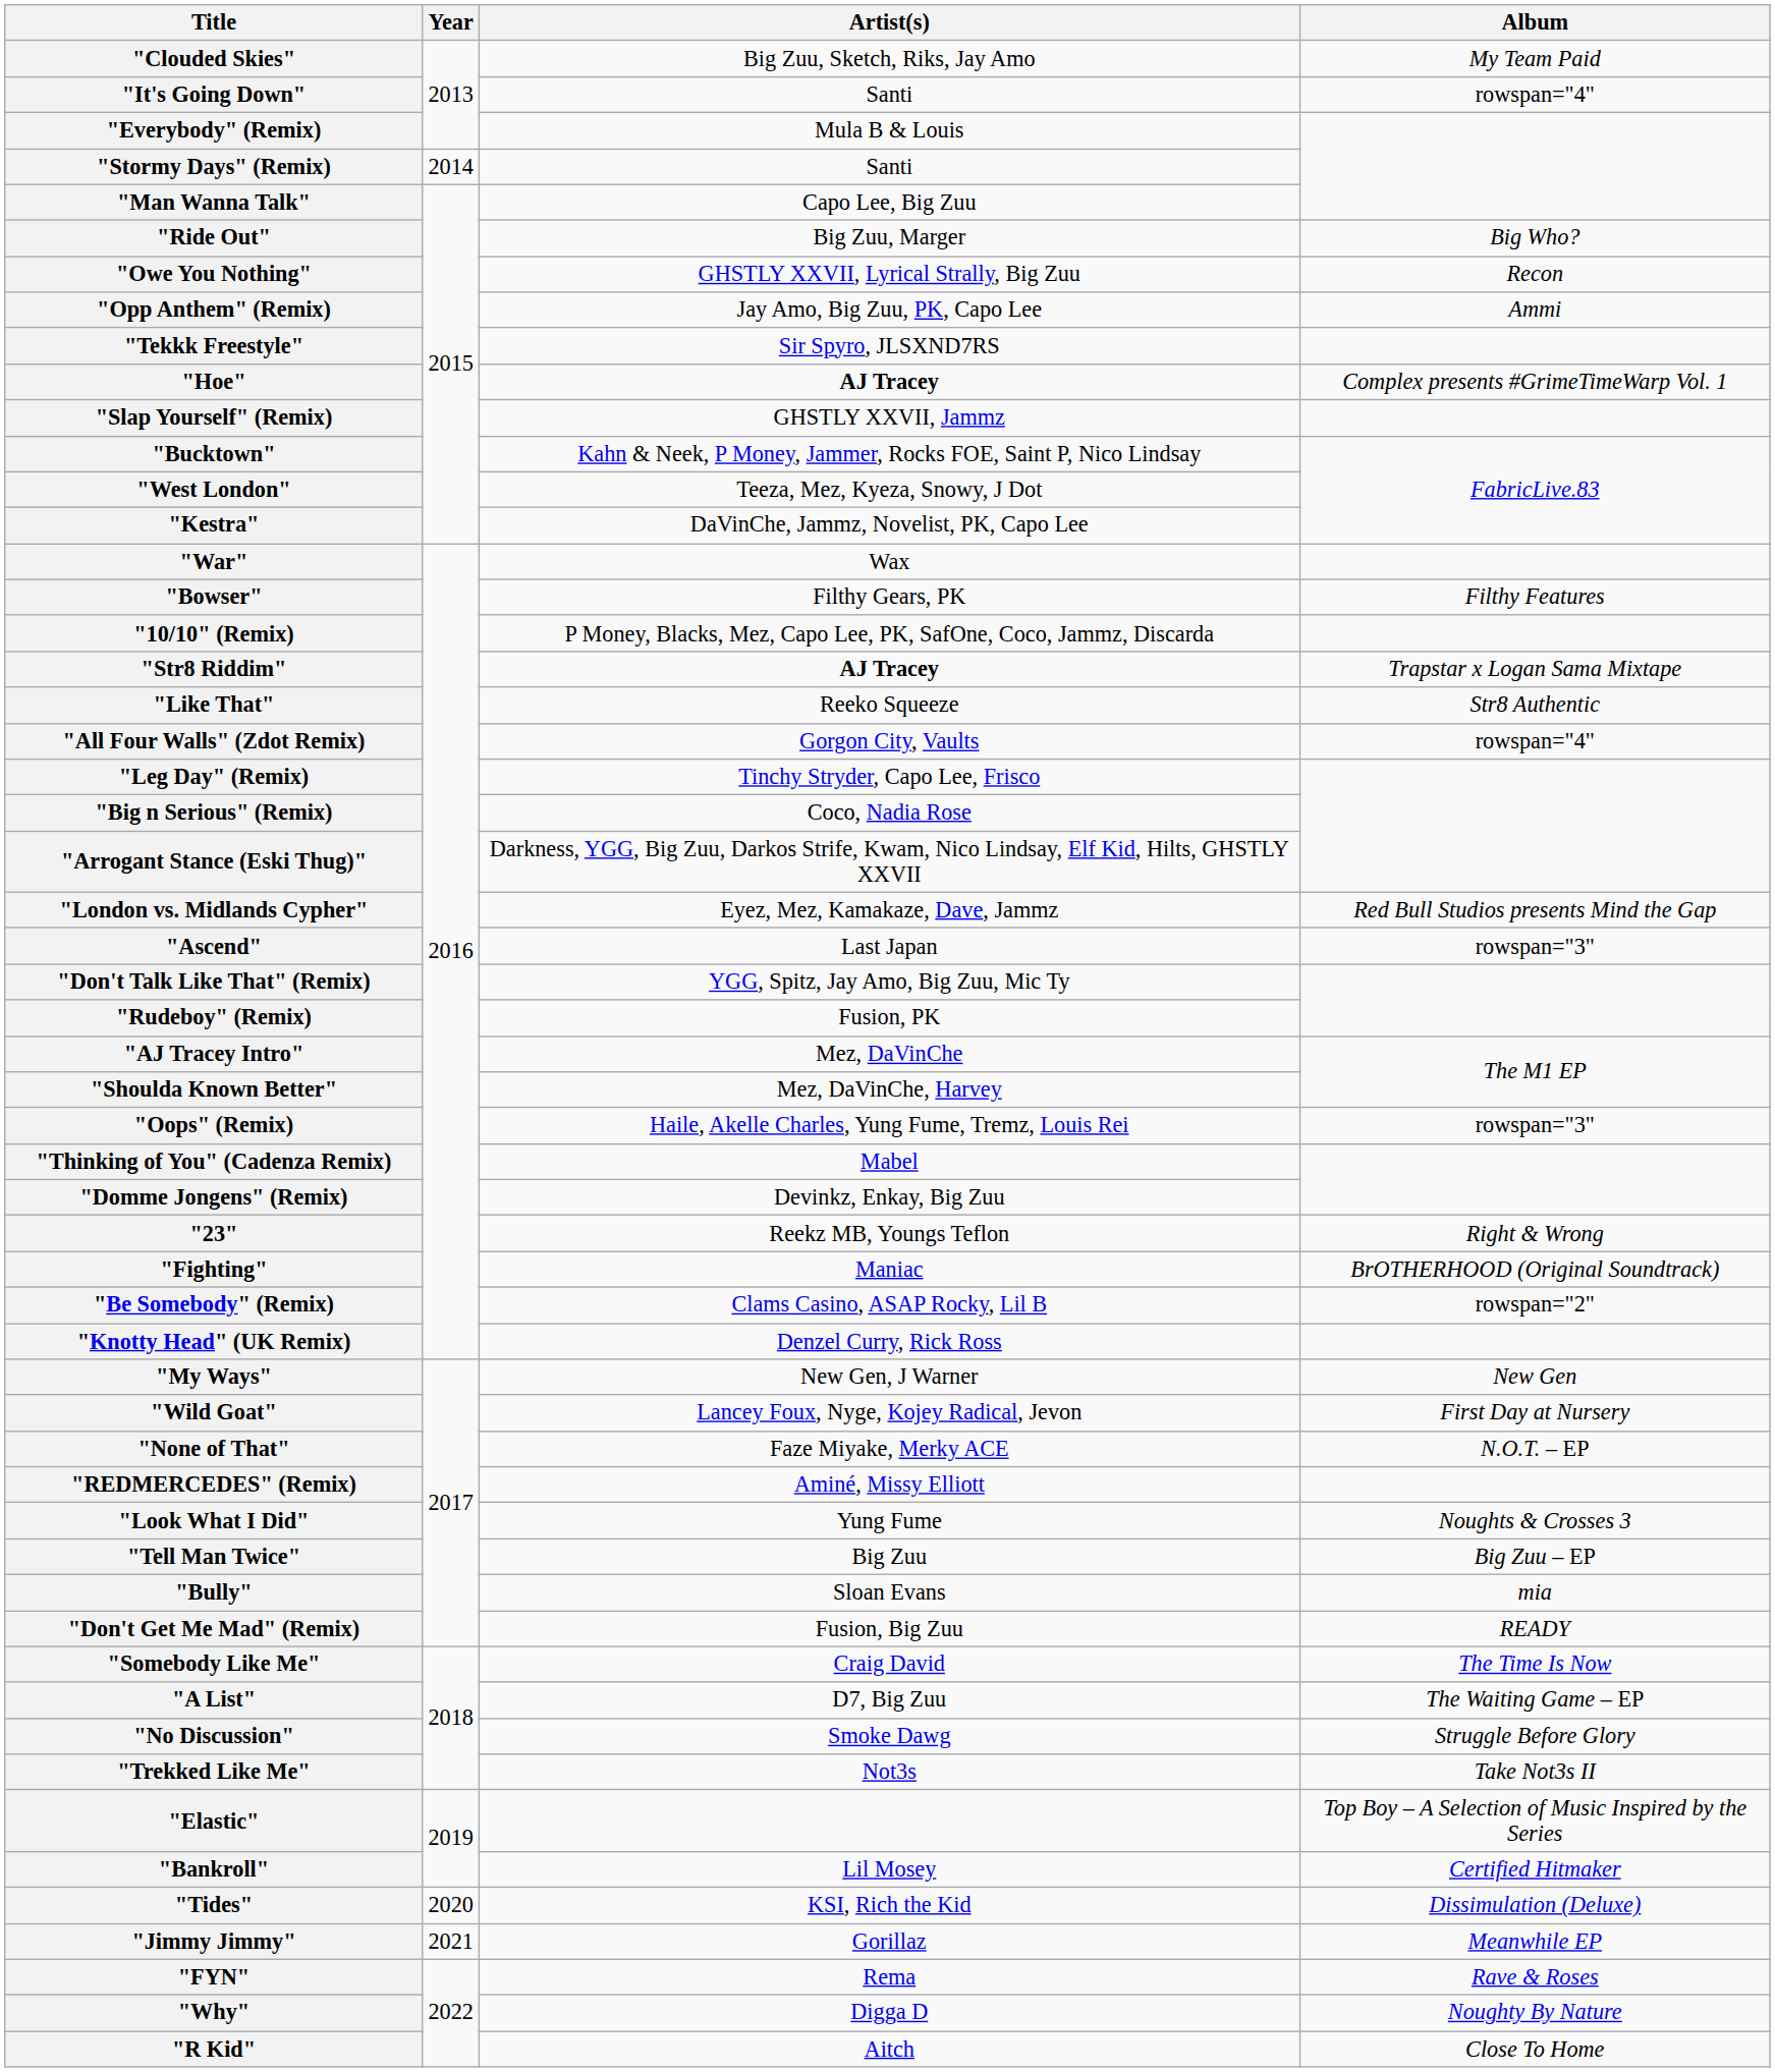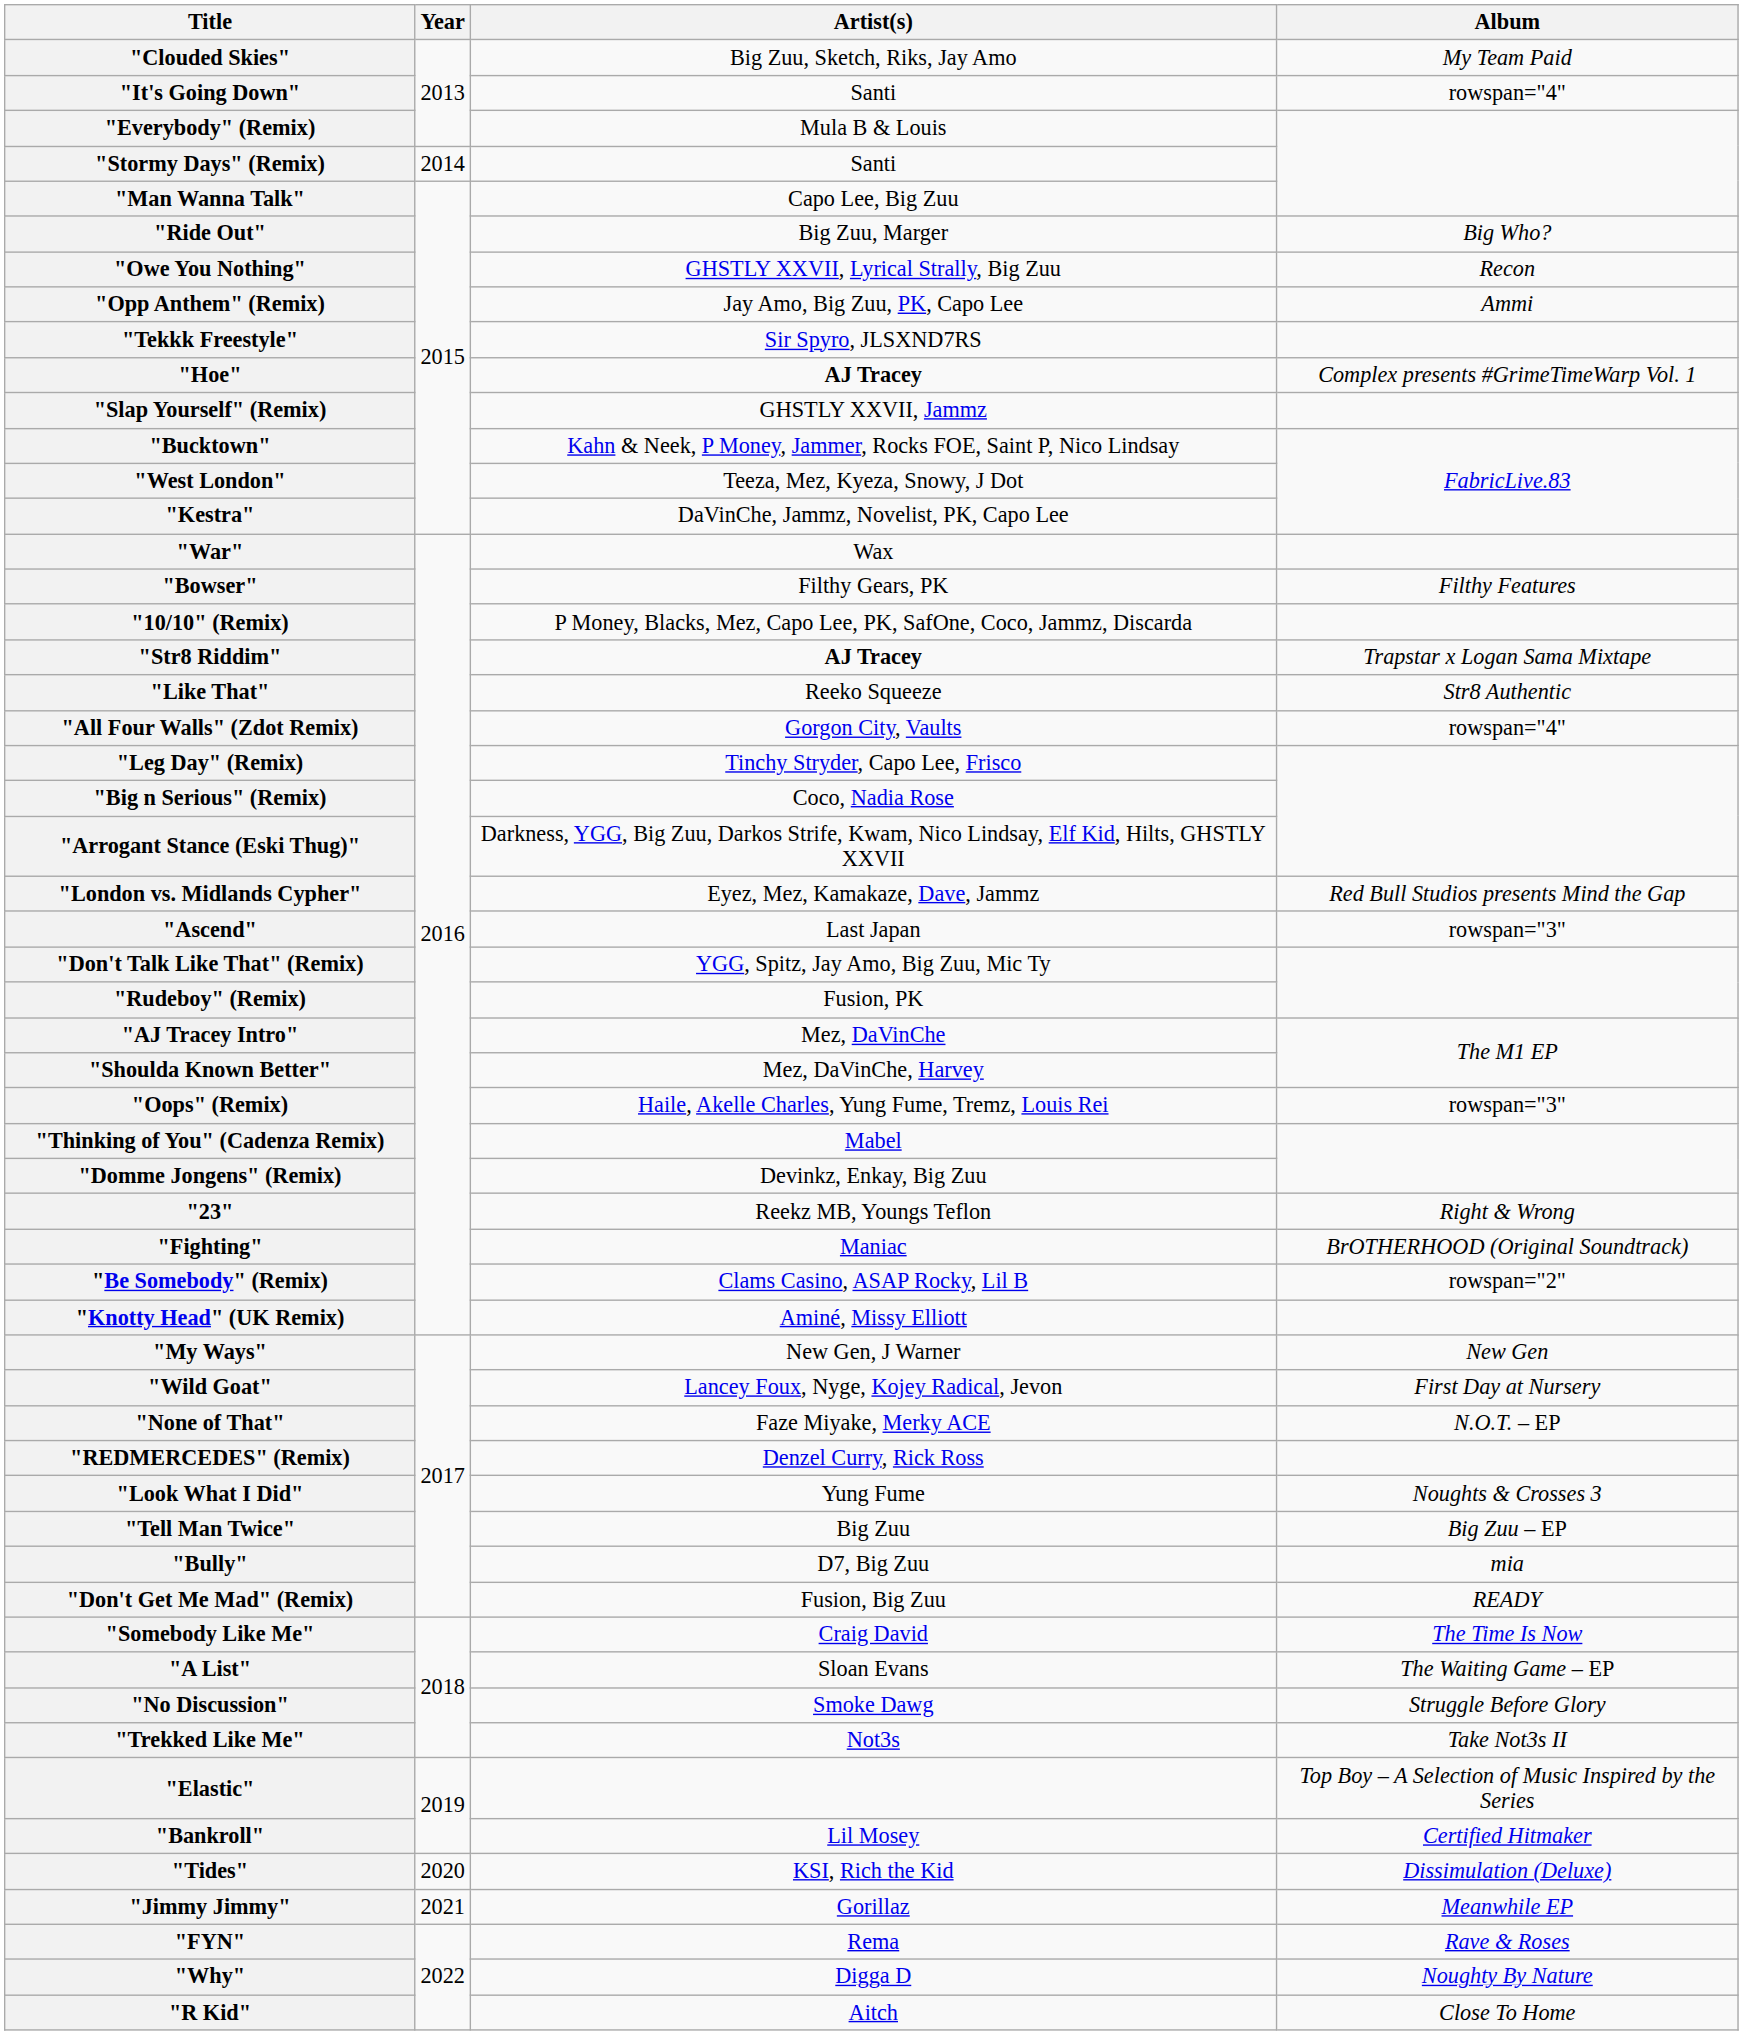 <table class="wikitable plainrowheaders" style="text-align:center;">
 <tr>
 <th scope="col" style="width:18em;">Title</th>
 <th scope="col" style="width:1em;">Year</th>
 <th scope="col">Artist(s)</th>
 <th scope="col">Album</th>
 </tr>
 <tr>
 <th scope="row">"Clouded Skies"</th>
 <td rowspan="3">2013</td>
 <td>Big Zuu, Sketch, Riks, Jay Amo</td>
 <td><em>My Team Paid</em></td>
 </tr>
 <tr>
 <th scope="row">"It's Going Down"</th>
 <td>Santi</td>
 <td>rowspan="4" </td>
 </tr>
 <tr>
 <th scope="row">"Everybody" (Remix)</th>
 <td>Mula B & Louis</td>
 </tr>
 <tr>
 <th scope="row">"Stormy Days" (Remix)</th>
 <td rowspan="1">2014</td>
 <td>Santi</td>
 </tr>
 <tr>
 <th scope="row">"Man Wanna Talk"</th>
 <td rowspan="10">2015</td>
 <td>Capo Lee, Big Zuu</td>
 </tr>
 <tr>
 <th scope="row">"Ride Out"</th>
 <td>Big Zuu, Marger</td>
 <td><em>Big Who?</em></td>
 </tr>
 <tr>
 <th scope="row">"Owe You Nothing"</th>
 <td><a href='#'>GHSTLY XXVII</a>, <a href='#'>Lyrical Strally</a>, Big Zuu</td>
 <td><em>Recon</em></td>
 </tr>
 <tr>
 <th scope="row">"Opp Anthem" (Remix)</th>
 <td>Jay Amo, Big Zuu, <a href='#'>PK</a>, Capo Lee</td>
 <td><em>Ammi</em></td>
 </tr>
 <tr>
 <th scope="row">"Tekkk Freestyle"</th>
 <td><a href='#'>Sir Spyro</a>, JLSXND7RS</td>
 <td></td>
 </tr>
 <tr>
 <th scope="row">"Hoe"</th>
 <td><strong>AJ Tracey</strong></td>
 <td><em>Complex presents #GrimeTimeWarp Vol. 1</em></td>
 </tr>
 <tr>
 <th scope="row">"Slap Yourself" (Remix)</th>
 <td>GHSTLY XXVII, <a href='#'>Jammz</a></td>
 <td></td>
 </tr>
 <tr>
 <th scope="row">"Bucktown"</th>
 <td><a href='#'>Kahn</a> & Neek, <a href='#'>P Money</a>, <a href='#'>Jammer</a>, Rocks FOE, Saint P, Nico Lindsay</td>
 <td rowspan="3"><em><a href='#'>FabricLive.83</a></em></td>
 </tr>
 <tr>
 <th scope="row">"West London"</th>
 <td>Teeza, Mez, Kyeza, Snowy, J Dot</td>
 </tr>
 <tr>
 <th scope="row">"Kestra"</th>
 <td>DaVinChe, Jammz, Novelist, PK, Capo Lee</td>
 </tr>
 <tr>
 <th scope="row">"War"</th>
 <td rowspan="22">2016</td>
 <td>Wax</td>
 <td></td>
 </tr>
 <tr>
 <th scope="row">"Bowser"</th>
 <td>Filthy Gears, PK</td>
 <td><em>Filthy Features</em></td>
 </tr>
 <tr>
 <th scope="row">"10/10" (Remix)</th>
 <td>P Money, Blacks, Mez, Capo Lee, PK, SafOne, Coco, Jammz, Discarda</td>
 <td></td>
 </tr>
 <tr>
 <th scope="row">"Str8 Riddim"</th>
 <td><strong>AJ Tracey</strong></td>
 <td><em>Trapstar x Logan Sama Mixtape</em></td>
 </tr>
 <tr>
 <th scope="row">"Like That"</th>
 <td>Reeko Squeeze</td>
 <td><em>Str8 Authentic</em></td>
 </tr>
 <tr>
 <th scope="row">"All Four Walls" (Zdot Remix)</th>
 <td><a href='#'>Gorgon City</a>, <a href='#'>Vaults</a></td>
 <td>rowspan="4" </td>
 </tr>
 <tr>
 <th scope="row">"Leg Day" (Remix)</th>
 <td><a href='#'>Tinchy Stryder</a>, Capo Lee, <a href='#'>Frisco</a></td>
 </tr>
 <tr>
 <th scope="row">"Big n Serious" (Remix)</th>
 <td>Coco, <a href='#'>Nadia Rose</a></td>
 </tr>
 <tr>
 <th scope="row">"Arrogant Stance (Eski Thug)"</th>
 <td>Darkness, <a href='#'>YGG</a>, Big Zuu, Darkos Strife, Kwam, Nico Lindsay, <a href='#'>Elf Kid</a>, Hilts, GHSTLY XXVII</td>
 </tr>
 <tr>
 <th scope="row">"London vs. Midlands Cypher"</th>
 <td>Eyez, Mez, Kamakaze, <a href='#'>Dave</a>, Jammz</td>
 <td><em>Red Bull Studios presents Mind the Gap</em></td>
 </tr>
 <tr>
 <th scope="row">"Ascend"</th>
 <td>Last Japan</td>
 <td>rowspan="3" </td>
 </tr>
 <tr>
 <th scope="row">"Don't Talk Like That" (Remix)</th>
 <td><a href='#'>YGG</a>, Spitz, Jay Amo, Big Zuu, Mic Ty</td>
 </tr>
 <tr>
 <th scope="row">"Rudeboy" (Remix)</th>
 <td>Fusion, PK</td>
 </tr>
 <tr>
 <th scope="row">"AJ Tracey Intro"</th>
 <td>Mez, <a href='#'>DaVinChe</a></td>
 <td rowspan="2"><em>The M1 EP</em></td>
 </tr>
 <tr>
 <th scope="row">"Shoulda Known Better"</th>
 <td>Mez, DaVinChe, <a href='#'>Harvey</a></td>
 </tr>
 <tr>
 <th scope="row">"Oops" (Remix)</th>
 <td><a href='#'>Haile</a>, <a href='#'>Akelle Charles</a>, Yung Fume, Tremz, <a href='#'>Louis Rei</a></td>
 <td>rowspan="3" </td>
 </tr>
 <tr>
 <th scope="row">"Thinking of You" (Cadenza Remix)</th>
 <td><a href='#'>Mabel</a></td>
 </tr>
 <tr>
 <th scope="row">"Domme Jongens" (Remix)</th>
 <td>Devinkz, Enkay, Big Zuu</td>
 </tr>
 <tr>
 <th scope="row">"23"</th>
 <td>Reekz MB, Youngs Teflon</td>
 <td><em>Right & Wrong</em></td>
 </tr>
 <tr>
 <th scope="row">"Fighting"</th>
 <td><a href='#'>Maniac</a></td>
 <td><em>BrOTHERHOOD (Original Soundtrack)</em></td>
 </tr>
 <tr>
 <th scope="row">"<a href='#'>Be Somebody</a>" (Remix)</th>
 <td><a href='#'>Clams Casino</a>, <a href='#'>ASAP Rocky</a>, <a href='#'>Lil B</a></td>
 <td>rowspan="2" </td>
 </tr>
 <tr>
 <th scope="row">"<a href='#'>Knotty Head</a>" (UK Remix)</th>
-<td><a href='#'>Denzel Curry</a>, <a href='#'>Rick Ross</a></td>
+<td><a href='#'>Aminé</a>, <a href='#'>Missy Elliott</a></td>
 </tr>
 <tr>
 <th scope="row">"My Ways"</th>
 <td rowspan="8">2017</td>
 <td>New Gen, J Warner</td>
 <td><em>New Gen</em></td>
 </tr>
 <tr>
 <th scope="row">"Wild Goat"</th>
 <td><a href='#'>Lancey Foux</a>, Nyge, <a href='#'>Kojey Radical</a>, Jevon</td>
 <td><em>First Day at Nursery</em></td>
 </tr>
 <tr>
 <th scope="row">"None of That"</th>
 <td>Faze Miyake, <a href='#'>Merky ACE</a></td>
 <td><em>N.O.T.</em> – EP</td>
 </tr>
 <tr>
 <th scope="row">"REDMERCEDES" (Remix)</th>
-<td><a href='#'>Aminé</a>, <a href='#'>Missy Elliott</a></td>
+<td><a href='#'>Denzel Curry</a>, <a href='#'>Rick Ross</a></td>
 <td></td>
 </tr>
 <tr>
 <th scope="row">"Look What I Did"</th>
 <td>Yung Fume</td>
 <td><em>Noughts & Crosses 3</em></td>
 </tr>
 <tr>
 <th scope="row">"Tell Man Twice"</th>
 <td>Big Zuu</td>
 <td><em>Big Zuu</em> – EP</td>
 </tr>
 <tr>
 <th scope="row">"Bully"</th>
-<td>Sloan Evans</td>
+<td>D7, Big Zuu</td>
 <td><em>mia</em></td>
 </tr>
 <tr>
 <th scope="row">"Don't Get Me Mad" (Remix)</th>
 <td>Fusion, Big Zuu</td>
 <td><em>READY</em></td>
 </tr>
 <tr>
 <th scope="row">"Somebody Like Me"</th>
 <td rowspan="4">2018</td>
 <td><a href='#'>Craig David</a></td>
 <td><em><a href='#'>The Time Is Now</a></em></td>
 </tr>
 <tr>
 <th scope="row">"A List"</th>
-<td>D7, Big Zuu</td>
+<td>Sloan Evans</td>
 <td><em>The Waiting Game</em> – EP</td>
 </tr>
 <tr>
 <th scope="row">"No Discussion"</th>
 <td><a href='#'>Smoke Dawg</a></td>
 <td><em>Struggle Before Glory</em></td>
 </tr>
 <tr>
 <th scope="row">"Trekked Like Me"</th>
 <td><a href='#'>Not3s</a></td>
 <td><em>Take Not3s II</em></td>
 </tr>
 <tr>
 <th scope="row">"Elastic"</th>
 <td rowspan="2">2019</td>
 <td></td>
 <td><em>Top Boy – A Selection of Music Inspired by the Series</em></td>
 </tr>
 <tr>
 <th scope="row">"Bankroll"</th>
 <td><a href='#'>Lil Mosey</a></td>
 <td><em><a href='#'>Certified Hitmaker</a></em></td>
 </tr>
 <tr>
 <th scope="row">"Tides"</th>
 <td>2020</td>
 <td><a href='#'>KSI</a>, <a href='#'>Rich the Kid</a></td>
 <td><em><a href='#'>Dissimulation (Deluxe)</a></em></td>
 </tr>
 <tr>
 <th scope="row">"Jimmy Jimmy"</th>
 <td>2021</td>
 <td><a href='#'>Gorillaz</a></td>
 <td><em><a href='#'>Meanwhile EP</a></em></td>
 </tr>
 <tr>
 <th scope="row">"FYN"</th>
 <td rowspan="3">2022</td>
 <td><a href='#'>Rema</a></td>
 <td><em><a href='#'>Rave & Roses</a></em></td>
 </tr>
 <tr>
 <th scope="row">"Why"</th>
 <td><a href='#'>Digga D</a></td>
 <td><em><a href='#'>Noughty By Nature</a></em></td>
 </tr>
 <tr>
 <th Scope="row">"R Kid"</th>
 <td><a href='#'>Aitch</a></td>
 <td><em>Close To Home</em></td>
 </tr>
 </table>
